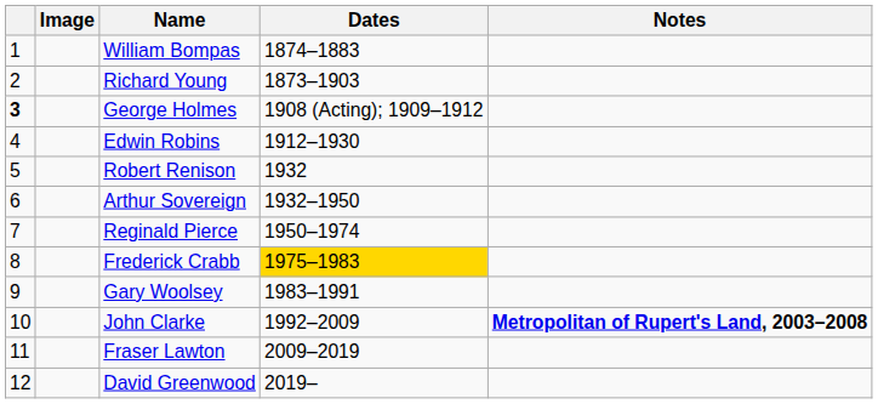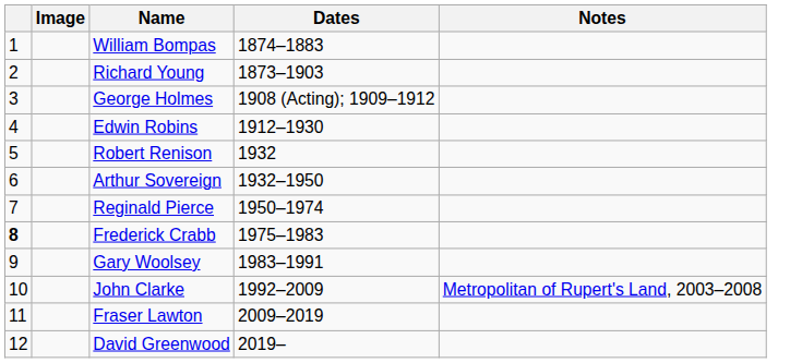 <table class="wikitable">
 <tr>
 <th></th>
 <th>Image</th>
 <th>Name</th>
 <th>Dates</th>
 <th>Notes</th>
 </tr>
 <tr>
 <td>1</td>
 <td></td>
 <td><a href='#'>William Bompas</a></td>
 <td>1874–1883</td>
 <td></td>
 </tr>
 <tr>
 <td>2</td>
 <td></td>
 <td><a href='#'>Richard Young</a></td>
 <td>1873–1903</td>
 <td></td>
 </tr>
 <tr>
-<td><strong>3</strong></td>
+<td>3</td>
 <td></td>
 <td><a href='#'>George Holmes</a></td>
 <td>1908 (Acting); 1909–1912</td>
 <td></td>
 </tr>
 <tr>
 <td>4</td>
 <td></td>
 <td><a href='#'>Edwin Robins</a></td>
 <td>1912–1930</td>
 <td></td>
 </tr>
 <tr>
 <td>5</td>
 <td></td>
 <td><a href='#'>Robert Renison</a></td>
 <td>1932</td>
 <td></td>
 </tr>
 <tr>
 <td>6</td>
 <td></td>
 <td><a href='#'>Arthur Sovereign</a></td>
 <td>1932–1950</td>
 <td></td>
 </tr>
 <tr>
 <td>7</td>
 <td></td>
 <td><a href='#'>Reginald Pierce</a></td>
 <td>1950–1974</td>
 <td></td>
 </tr>
 <tr>
-<td>8</td>
+<td><strong>8</strong></td>
 <td></td>
 <td><a href='#'>Frederick Crabb</a></td>
-<td style="background: gold;">1975–1983</td>
+<td>1975–1983</td>
 <td></td>
 </tr>
 <tr>
 <td>9</td>
 <td></td>
 <td><a href='#'>Gary Woolsey</a></td>
 <td>1983–1991</td>
 <td></td>
 </tr>
 <tr>
 <td>10</td>
 <td></td>
 <td><a href='#'>John Clarke</a></td>
 <td>1992–2009</td>
-<td><strong><a href='#'>Metropolitan of Rupert's Land</a>, 2003–2008</strong></td>
+<td><a href='#'>Metropolitan of Rupert's Land</a>, 2003–2008</td>
 </tr>
 <tr>
 <td>11</td>
 <td></td>
 <td><a href='#'>Fraser Lawton</a></td>
 <td>2009–2019</td>
 <td></td>
 </tr>
 <tr>
 <td>12</td>
 <td></td>
 <td><a href='#'>David Greenwood</a></td>
 <td>2019–</td>
 </tr>
 </table>
